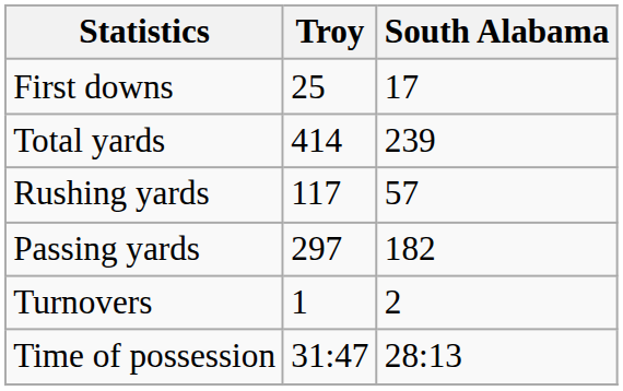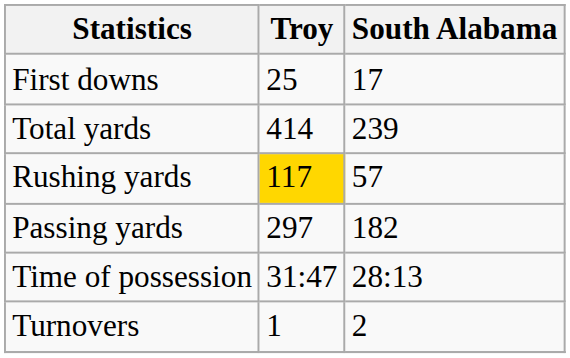 <table class="wikitable">
 <tr>
 <th>Statistics</th>
 <th>Troy</th>
 <th>South Alabama</th>
 </tr>
 <tr>
 <td>First downs</td>
 <td>25</td>
 <td>17</td>
 </tr>
 <tr>
 <td>Total yards</td>
 <td>414</td>
 <td>239</td>
 </tr>
 <tr>
 <td>Rushing yards</td>
-<td>117</td>
+<td style="background: gold;">117</td>
 <td>57</td>
 </tr>
 <tr>
 <td>Passing yards</td>
 <td>297</td>
 <td>182</td>
 </tr>
 <tr>
+<td>Time of possession</td>
+<td>31:47</td>
+<td>28:13</td>
+</tr>
+<tr>
 <td>Turnovers</td>
 <td>1</td>
 <td>2</td>
 </tr>
 <tr>
-<td>Time of possession</td>
-<td>31:47</td>
-<td>28:13</td>
-</tr>
-<tr>
 </tr>
 </table>
